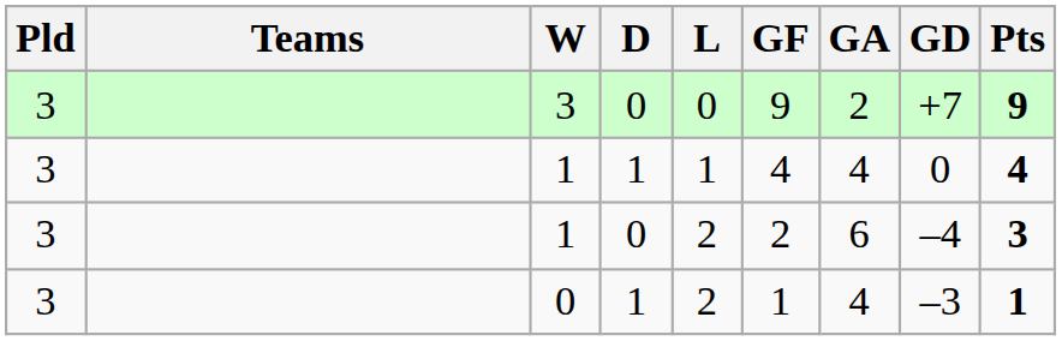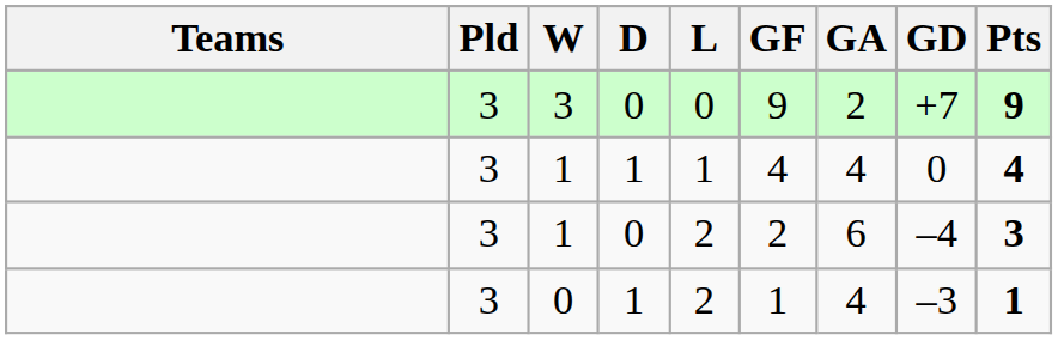 <table class="wikitable" style="text-align: center;">
 <tr>
+<th width=165>Teams</th>
 <th width=20>Pld</th>
-<th width=165>Teams</th>
 <th width=20>W</th>
 <th width=20>D</th>
 <th width=20>L</th>
 <th width=20>GF</th>
 <th width=20>GA</th>
 <th width=20>GD</th>
 <th width=20>Pts</th>
 </tr>
 <tr align=center style="background:#ccffcc;">
+<td style="text-align:left;"></td>
 <td>3</td>
-<td style="text-align:left;"></td>
 <td>3</td>
 <td>0</td>
 <td>0</td>
 <td>9</td>
 <td>2</td>
 <td>+7</td>
 <td><strong>9</strong></td>
 </tr>
 <tr align=center>
+<td style="text-align:left;"></td>
 <td>3</td>
-<td style="text-align:left;"></td>
 <td>1</td>
 <td>1</td>
 <td>1</td>
 <td>4</td>
 <td>4</td>
 <td>0</td>
 <td><strong>4</strong></td>
 </tr>
 <tr align=center>
+<td style="text-align:left;"></td>
 <td>3</td>
-<td style="text-align:left;"></td>
 <td>1</td>
 <td>0</td>
 <td>2</td>
 <td>2</td>
 <td>6</td>
 <td>–4</td>
 <td><strong>3</strong></td>
 </tr>
 <tr align=center>
+<td style="text-align:left;"></td>
 <td>3</td>
-<td style="text-align:left;"></td>
 <td>0</td>
 <td>1</td>
 <td>2</td>
 <td>1</td>
 <td>4</td>
 <td>–3</td>
 <td><strong>1</strong></td>
 </tr>
 </table>
